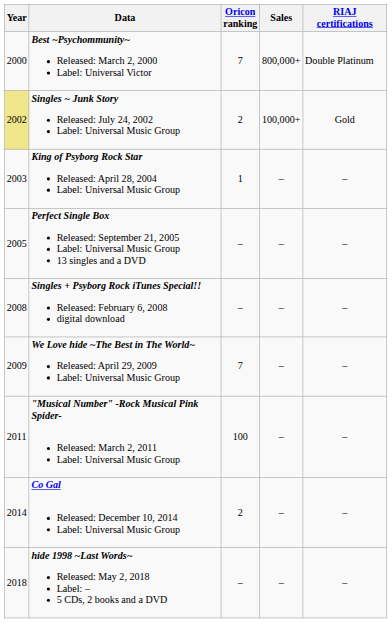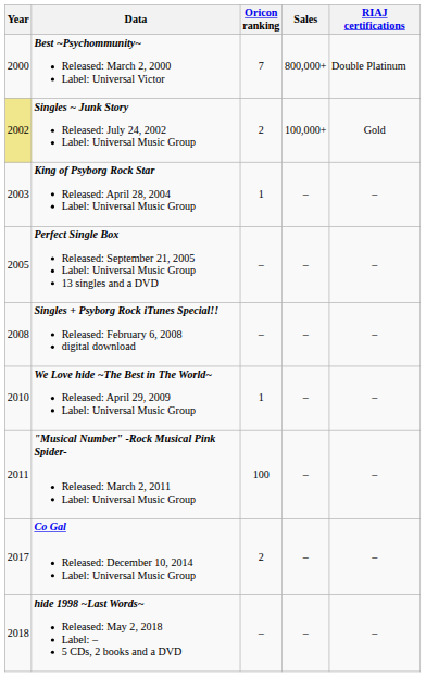 <table class="wikitable">
 <tr>
 <th>Year</th>
 <th>Data</th>
 <th><a href='#'>Oricon</a><br>ranking</th>
 <th>Sales</th>
 <th><a href='#'>RIAJ</a> <a href='#'>certifications</a></th>
 </tr>
 <tr>
 <td>2000</td>
 <td><strong><em>Best ~Psychommunity~</em></strong><br><ul><li>Released: March 2, 2000</li><li>Label: Universal Victor</li></ul></td>
 <td style="text-align:center;">7</td>
 <td>800,000+</td>
 <td>Double Platinum</td>
 </tr>
 <tr>
 <td style="background: khaki;">2002</td>
 <td><strong><em>Singles ~ Junk Story</em></strong><br><ul><li>Released: July 24, 2002</li><li>Label: Universal Music Group</li></ul></td>
 <td style="text-align:center;">2</td>
 <td style="text-align:center;">100,000+</td>
 <td style="text-align:center;">Gold</td>
 </tr>
 <tr>
 <td>2003</td>
 <td><strong><em>King of Psyborg Rock Star</em></strong><br><ul><li>Released: April 28, 2004</li><li>Label: Universal Music Group</li></ul></td>
 <td style="text-align:center;">1</td>
 <td style="text-align:center;">–</td>
 <td style="text-align:center;">–</td>
 </tr>
 <tr>
 <td>2005</td>
 <td><strong><em>Perfect Single Box</em></strong><br><ul><li>Released: September 21, 2005</li><li>Label: Universal Music Group</li><li>13 singles and a DVD</li></ul></td>
 <td style="text-align:center;">–</td>
 <td style="text-align:center;">–</td>
 <td style="text-align:center;">–</td>
 </tr>
 <tr>
 <td>2008</td>
 <td><strong><em>Singles + Psyborg Rock iTunes Special!!</em></strong><br><ul><li>Released: February 6, 2008</li><li>digital download</li></ul></td>
 <td style="text-align:center;">–</td>
 <td style="text-align:center;">–</td>
 <td style="text-align:center;">–</td>
 </tr>
 <tr>
-<td>2009</td>
+<td>2010</td>
 <td><strong><em>We Love hide ~The Best in The World~</em></strong><br><ul><li>Released: April 29, 2009</li><li>Label: Universal Music Group</li></ul></td>
-<td style="text-align:center;">7</td>
+<td style="text-align:center;">1</td>
 <td style="text-align:center;">–</td>
 <td style="text-align:center;">–</td>
 </tr>
 <tr>
 <td>2011</td>
 <td><strong><em>"Musical Number" -Rock Musical Pink Spider-</em></strong><br> <br><ul><li>Released: March 2, 2011</li><li>Label: Universal Music Group</li></ul></td>
 <td style="text-align:center;">100</td>
 <td style="text-align:center;">–</td>
 <td style="text-align:center;">–</td>
 </tr>
 <tr>
-<td>2014</td>
+<td>2017</td>
 <td><strong><em><a href='#'>Co Gal</a></em></strong><br> <br><ul><li>Released: December 10, 2014</li><li>Label: Universal Music Group</li></ul></td>
 <td style="text-align:center;">2</td>
 <td style="text-align:center;">–</td>
 <td style="text-align:center;">–</td>
 </tr>
 <tr>
 <td>2018</td>
 <td><strong><em>hide 1998 ~Last Words~</em></strong><br><ul><li>Released: May 2, 2018</li><li>Label: –</li><li>5 CDs, 2 books and a DVD</li></ul></td>
 <td style="text-align:center;">–</td>
 <td style="text-align:center;">–</td>
 <td style="text-align:center;">–</td>
 </tr>
 </table>
